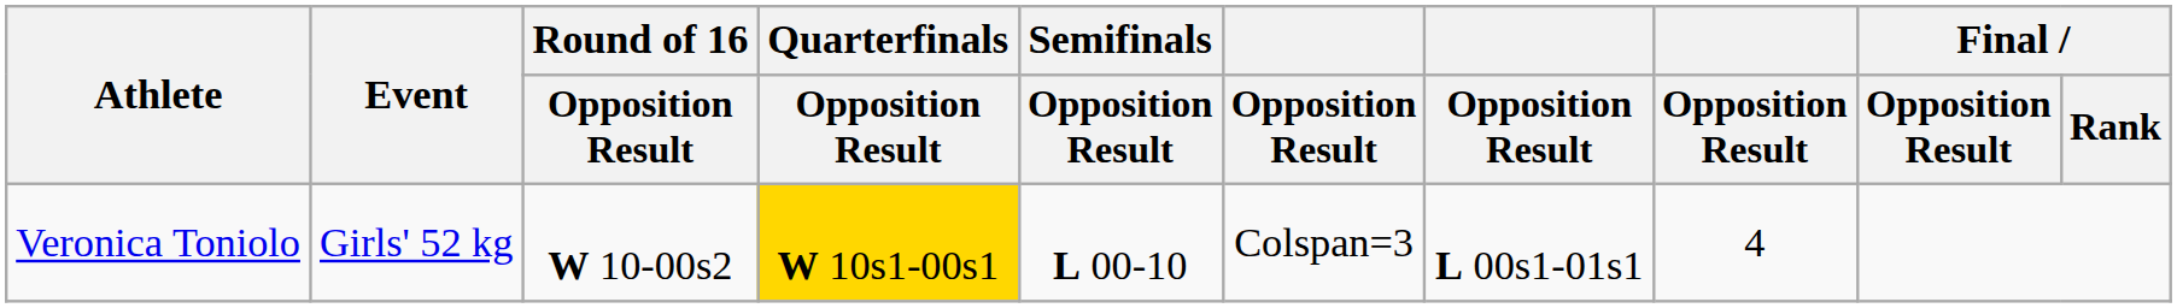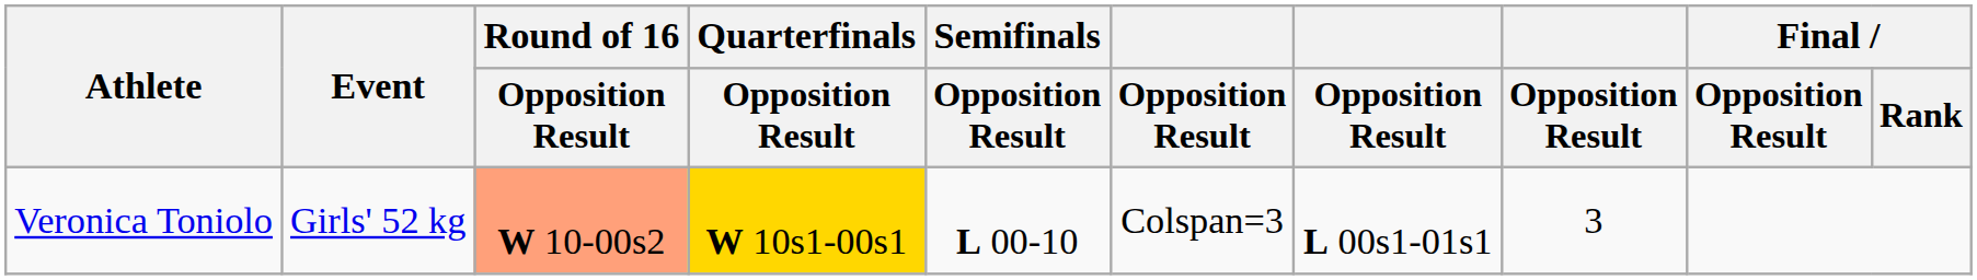 <table class="wikitable" style="font-size:90%">
 <tr>
 <th rowspan=2>Athlete</th>
 <th rowspan=2>Event</th>
 <th>Round of 16</th>
 <th>Quarterfinals</th>
 <th>Semifinals</th>
 <th></th>
 <th></th>
 <th></th>
 <th colspan=2>Final / </th>
 </tr>
 <tr style="font-size:95%">
 <th>Opposition<br>Result</th>
 <th>Opposition<br>Result</th>
 <th>Opposition<br>Result</th>
 <th>Opposition<br>Result</th>
 <th>Opposition<br>Result</th>
 <th>Opposition<br>Result</th>
 <th>Opposition<br>Result</th>
 <th>Rank</th>
 </tr>
 <tr align=center>
 <td align=left><a href='#'>Veronica Toniolo</a></td>
 <td align=left><a href='#'>Girls' 52 kg</a></td>
-<td><br> <strong>W</strong> 10-00s2</td>
+<td style="background: lightsalmon;"><br> <strong>W</strong> 10-00s2</td>
 <td style="background: gold;"><br> <strong>W</strong> 10s1-00s1</td>
 <td><br> <strong>L</strong> 00-10</td>
 <td>Colspan=3 </td>
 <td><br> <strong>L</strong> 00s1-01s1</td>
-<td>4</td>
+<td>3</td>
 </tr>
 </table>
